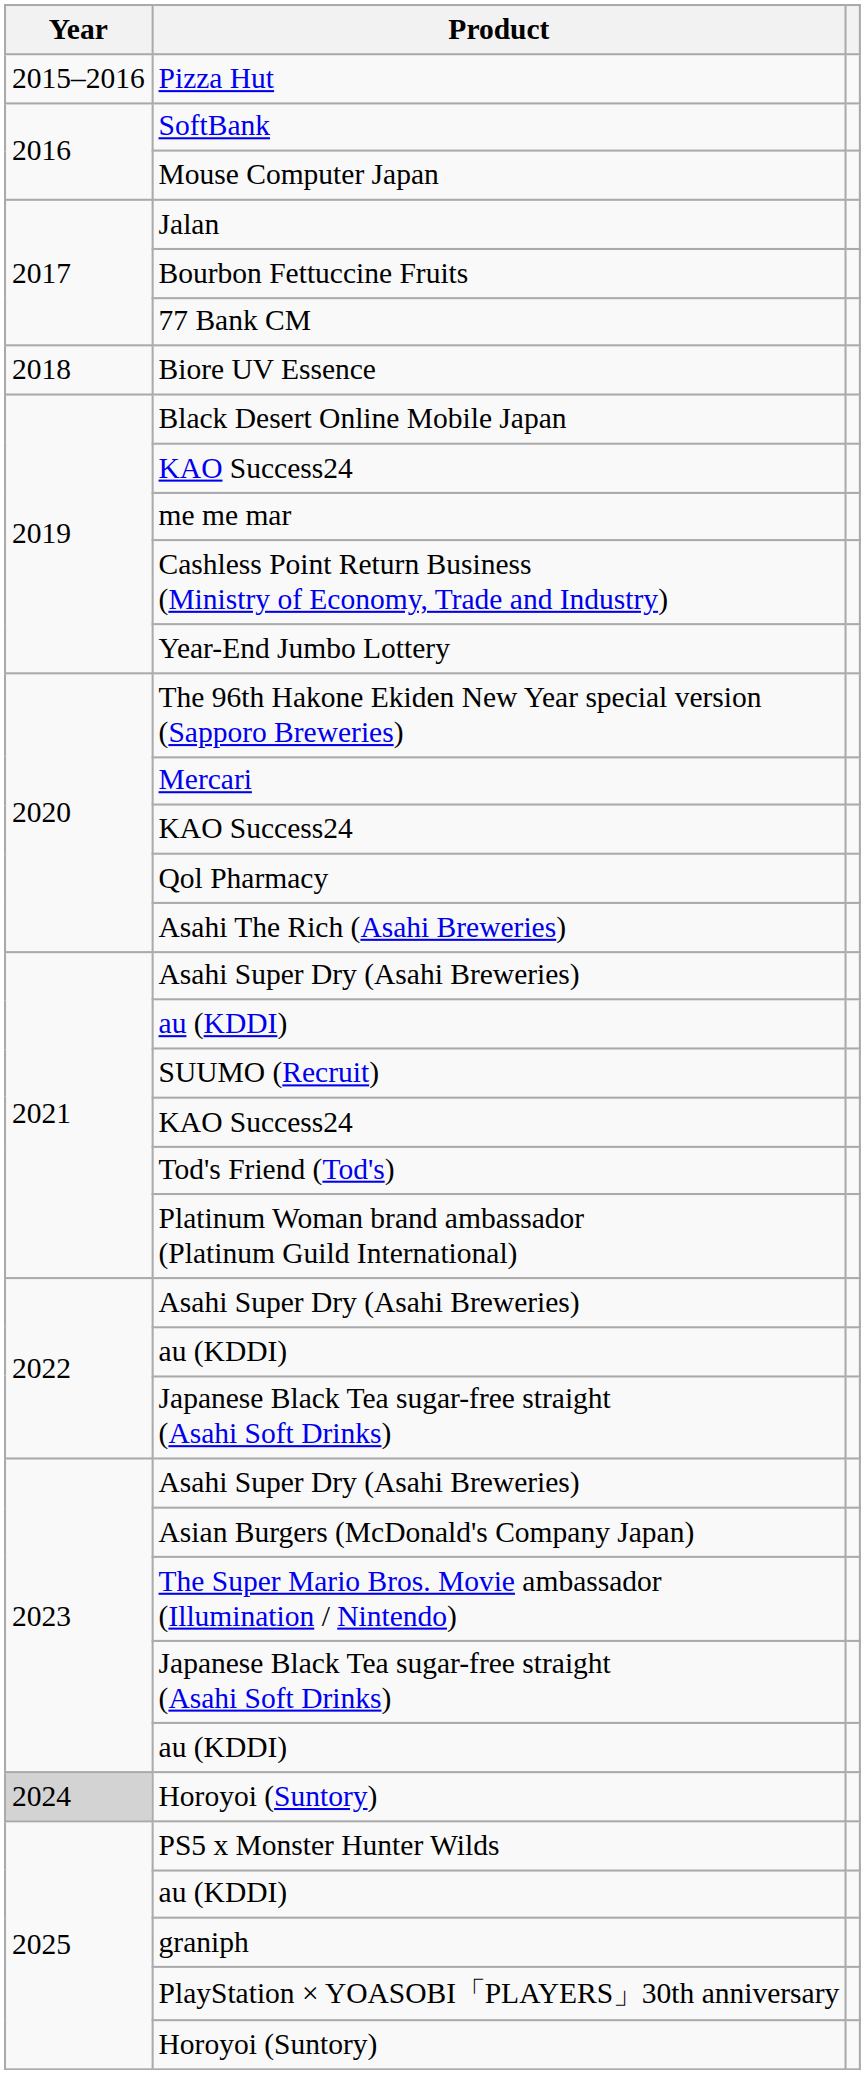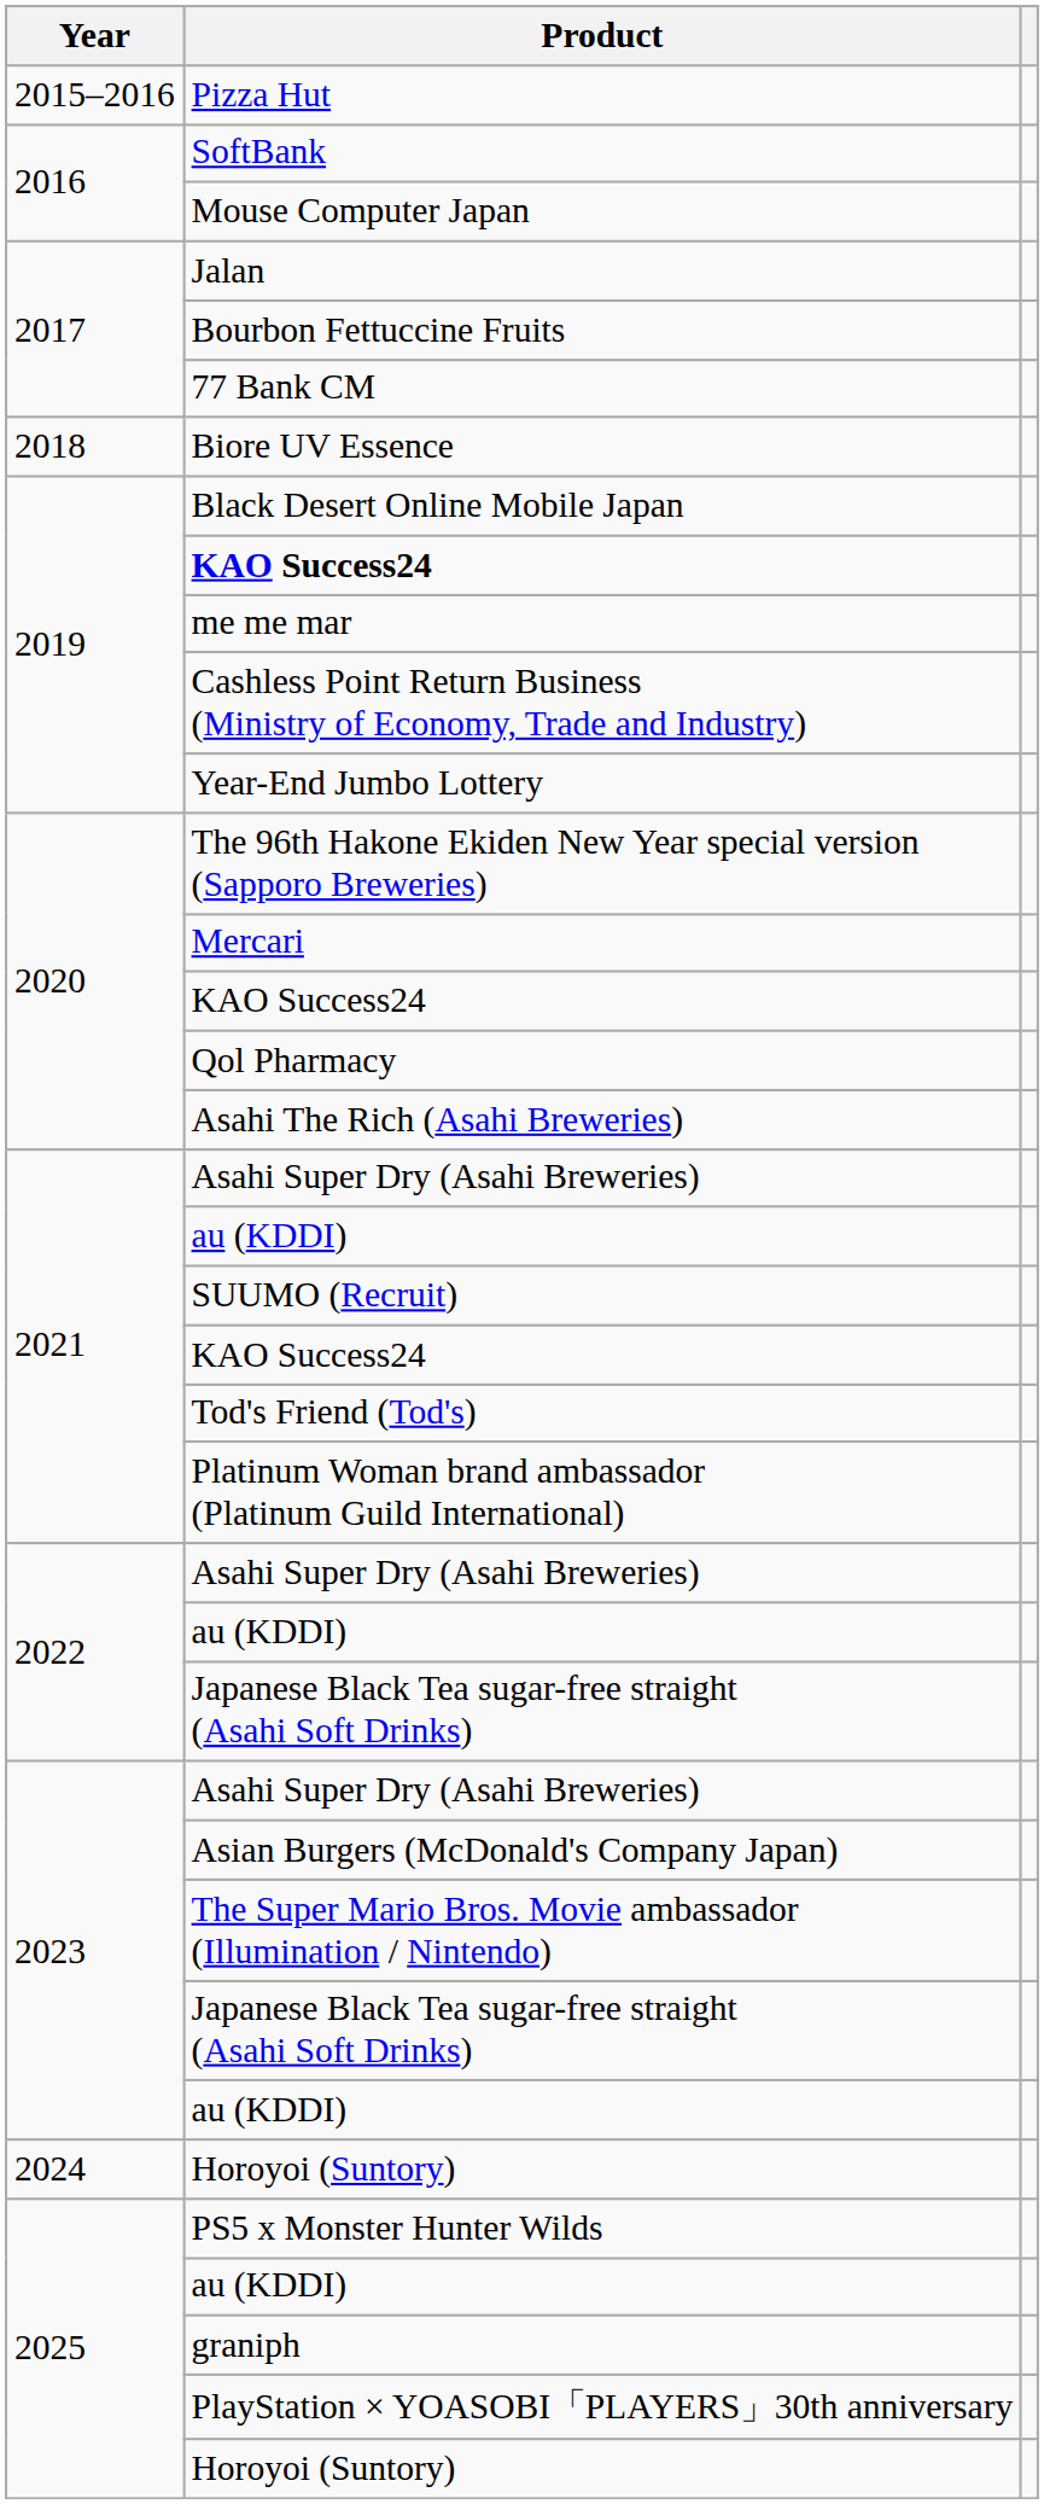 <table class="wikitable" style="font-size: 90%;">
 <tr>
 <th>Year</th>
 <th>Product</th>
 <th></th>
 </tr>
 <tr>
 <td>2015–2016</td>
 <td><a href='#'>Pizza Hut</a></td>
 <td></td>
 </tr>
 <tr>
 <td rowspan="2">2016</td>
 <td><a href='#'>SoftBank</a></td>
 <td></td>
 </tr>
 <tr>
 <td>Mouse Computer Japan</td>
 <td></td>
 </tr>
 <tr>
 <td rowspan="3">2017</td>
 <td>Jalan</td>
 <td></td>
 </tr>
 <tr>
 <td>Bourbon Fettuccine Fruits</td>
 <td></td>
 </tr>
 <tr>
 <td>77 Bank CM</td>
 <td></td>
 </tr>
 <tr>
 <td>2018</td>
 <td>Biore UV Essence</td>
 <td></td>
 </tr>
 <tr>
 <td rowspan="5">2019</td>
 <td>Black Desert Online Mobile Japan</td>
 <td></td>
 </tr>
 <tr>
-<td><a href='#'>KAO</a> Success24</td>
+<td><strong><a href='#'>KAO</a> Success24</strong></td>
 <td></td>
 </tr>
 <tr>
 <td>me me mar</td>
 <td></td>
 </tr>
 <tr>
 <td>Cashless Point Return Business<br>(<a href='#'>Ministry of Economy, Trade and Industry</a>)</td>
 <td></td>
 </tr>
 <tr>
 <td>Year-End Jumbo Lottery</td>
 <td></td>
 </tr>
 <tr>
 <td rowspan="5">2020</td>
 <td>The 96th Hakone Ekiden New Year special version<br>(<a href='#'>Sapporo Breweries</a>)</td>
 <td></td>
 </tr>
 <tr>
 <td><a href='#'>Mercari</a></td>
 <td></td>
 </tr>
 <tr>
 <td>KAO Success24</td>
 <td></td>
 </tr>
 <tr>
 <td>Qol Pharmacy</td>
 <td></td>
 </tr>
 <tr>
 <td>Asahi The Rich (<a href='#'>Asahi Breweries</a>)</td>
 <td></td>
 </tr>
 <tr>
 <td rowspan="6">2021</td>
 <td>Asahi Super Dry (Asahi Breweries)</td>
 <td></td>
 </tr>
 <tr>
 <td><a href='#'>au</a> (<a href='#'>KDDI</a>)</td>
 <td></td>
 </tr>
 <tr>
 <td>SUUMO (<a href='#'>Recruit</a>)</td>
 <td></td>
 </tr>
 <tr>
 <td>KAO Success24</td>
 <td></td>
 </tr>
 <tr>
 <td>Tod's Friend (<a href='#'>Tod's</a>)</td>
 <td></td>
 </tr>
 <tr>
 <td>Platinum Woman brand ambassador<br>(Platinum Guild International)</td>
 <td></td>
 </tr>
 <tr>
 <td rowspan="3">2022</td>
 <td>Asahi Super Dry (Asahi Breweries)</td>
 <td></td>
 </tr>
 <tr>
 <td>au (KDDI)</td>
 <td></td>
 </tr>
 <tr>
 <td>Japanese Black Tea sugar-free straight<br>(<a href='#'>Asahi Soft Drinks</a>)</td>
 <td></td>
 </tr>
 <tr>
 <td rowspan="5">2023</td>
 <td>Asahi Super Dry (Asahi Breweries)</td>
 <td></td>
 </tr>
 <tr>
 <td>Asian Burgers (McDonald's Company Japan)</td>
 <td></td>
 </tr>
 <tr>
 <td><a href='#'>The Super Mario Bros. Movie</a> ambassador<br>(<a href='#'>Illumination</a> / <a href='#'>Nintendo</a>)</td>
 <td></td>
 </tr>
 <tr>
 <td>Japanese Black Tea sugar-free straight<br>(<a href='#'>Asahi Soft Drinks</a>)</td>
 <td></td>
 </tr>
 <tr>
 <td>au (KDDI)</td>
 <td></td>
 </tr>
 <tr>
-<td style="background: lightgrey;">2024</td>
+<td>2024</td>
 <td>Horoyoi (<a href='#'>Suntory</a>)</td>
 <td></td>
 </tr>
 <tr>
 <td rowspan="5">2025</td>
 <td>PS5 x Monster Hunter Wilds</td>
 <td></td>
 </tr>
 <tr>
 <td>au (KDDI)</td>
 <td></td>
 </tr>
 <tr>
 <td>graniph</td>
 <td></td>
 </tr>
 <tr>
 <td>PlayStation × YOASOBI「PLAYERS」30th anniversary</td>
 <td></td>
 </tr>
 <tr>
 <td>Horoyoi (Suntory)</td>
 <td></td>
 </tr>
 </table>
